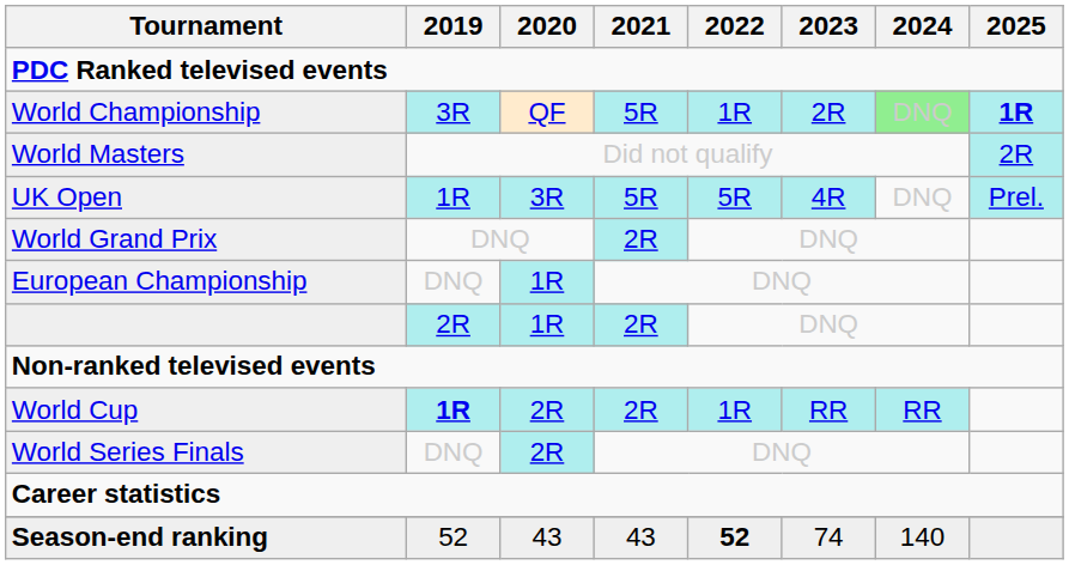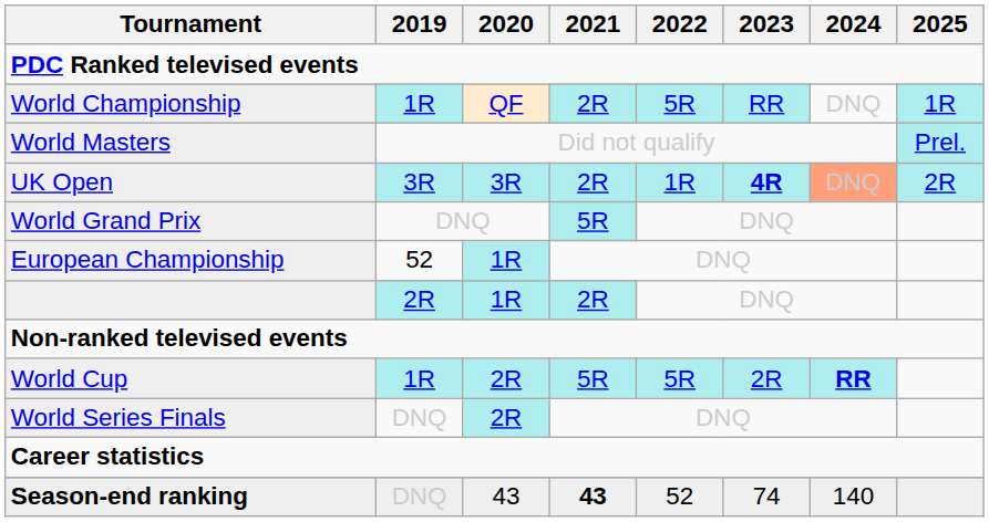 <table class="wikitable" style="width:50%; margin:0">
 <tr>
 <th>Tournament</th>
 <th>2019</th>
 <th>2020</th>
 <th>2021</th>
 <th>2022</th>
 <th>2023</th>
 <th>2024</th>
 <th>2025</th>
 </tr>
 <tr>
 <td colspan="31" align="left"><strong><a href='#'>PDC</a> Ranked televised events</strong></td>
 </tr>
 <tr>
 <td style="background:#efefef;"><a href='#'>World Championship</a></td>
-<td style="text-align:center; background:#afeeee;"><a href='#'>3R</a></td>
+<td style="text-align:center; background:#afeeee;"><a href='#'>1R</a></td>
 <td style="text-align:center; background:#ffebcd;"><a href='#'>QF</a></td>
+<td style="text-align:center; background:#afeeee;"><a href='#'>2R</a></td>
 <td style="text-align:center; background:#afeeee;"><a href='#'>5R</a></td>
+<td style="text-align:center; background:#afeeee;"><a href='#'>RR</a></td>
+<td style="text-align:center; color:#ccc;">DNQ</td>
 <td style="text-align:center; background:#afeeee;"><a href='#'>1R</a></td>
-<td style="text-align:center; background:#afeeee;"><a href='#'>2R</a></td>
-<td style="background: lightgreen; text-align:center; color:#ccc;">DNQ</td>
-<td style="text-align:center; background:#afeeee;"><strong><a href='#'>1R</a></strong></td>
 </tr>
 <tr>
 <td style="background:#efefef;"><a href='#'>World Masters</a></td>
 <td colspan="6" style="text-align:center; color:#ccc;">Did not qualify</td>
-<td style="text-align:center; background:#afeeee;"><a href='#'>2R</a></td>
+<td style="text-align:center; background:#afeeee;"><a href='#'>Prel.</a></td>
 </tr>
 <tr>
 <td style="background:#efefef;"><a href='#'>UK Open</a></td>
+<td style="text-align:center; background:#afeeee;"><a href='#'>3R</a></td>
+<td style="text-align:center; background:#afeeee;"><a href='#'>3R</a></td>
+<td style="text-align:center; background:#afeeee;"><a href='#'>2R</a></td>
 <td style="text-align:center; background:#afeeee;"><a href='#'>1R</a></td>
-<td style="text-align:center; background:#afeeee;"><a href='#'>3R</a></td>
-<td style="text-align:center; background:#afeeee;"><a href='#'>5R</a></td>
-<td style="text-align:center; background:#afeeee;"><a href='#'>5R</a></td>
-<td style="text-align:center; background:#afeeee;"><a href='#'>4R</a></td>
-<td style="text-align:center; color:#ccc;">DNQ</td>
-<td style="text-align:center; background:#afeeee;"><a href='#'>Prel.</a></td>
+<td style="text-align:center; background:#afeeee;"><strong><a href='#'>4R</a></strong></td>
+<td style="background: lightsalmon; text-align:center; color:#ccc;">DNQ</td>
+<td style="text-align:center; background:#afeeee;"><a href='#'>2R</a></td>
 </tr>
 <tr>
 <td style="background:#efefef;"><a href='#'>World Grand Prix</a></td>
 <td colspan="2" style="text-align:center; color:#ccc;">DNQ</td>
-<td style="text-align:center; background:#afeeee;"><a href='#'>2R</a></td>
+<td style="text-align:center; background:#afeeee;"><a href='#'>5R</a></td>
 <td colspan="3" style="text-align:center; color:#ccc;">DNQ</td>
 <td></td>
 </tr>
 <tr>
 <td style="background:#efefef;"><a href='#'>European Championship</a></td>
-<td style="text-align:center; color:#ccc;">DNQ</td>
+<td style="text-align:center;">52</td>
 <td style="text-align:center; background:#afeeee;"><a href='#'>1R</a></td>
 <td colspan="4" style="text-align:center; color:#ccc;">DNQ</td>
 <td></td>
 </tr>
 <tr>
 <td style="background:#efefef;"></td>
 <td style="text-align:center; background:#afeeee;"><a href='#'>2R</a></td>
 <td style="text-align:center; background:#afeeee;"><a href='#'>1R</a></td>
 <td style="text-align:center; background:#afeeee;"><a href='#'>2R</a></td>
 <td colspan="3" style="text-align:center; color:#ccc;">DNQ</td>
 <td></td>
 </tr>
 <tr>
 <td colspan="21" align="left"><strong>Non-ranked televised events</strong></td>
 </tr>
 <tr>
 <td style="background:#efefef;"><a href='#'>World Cup</a></td>
-<td style="text-align:center; background:#afeeee;"><strong><a href='#'>1R</a></strong></td>
+<td style="text-align:center; background:#afeeee;"><a href='#'>1R</a></td>
 <td style="text-align:center; background:#afeeee;"><a href='#'>2R</a></td>
+<td style="text-align:center; background:#afeeee;"><a href='#'>5R</a></td>
+<td style="text-align:center; background:#afeeee;"><a href='#'>5R</a></td>
 <td style="text-align:center; background:#afeeee;"><a href='#'>2R</a></td>
-<td style="text-align:center; background:#afeeee;"><a href='#'>1R</a></td>
-<td style="text-align:center; background:#afeeee;"><a href='#'>RR</a></td>
-<td style="text-align:center; background:#afeeee;"><a href='#'>RR</a></td>
+<td style="text-align:center; background:#afeeee;"><strong><a href='#'>RR</a></strong></td>
 <td></td>
 </tr>
 <tr>
 <td style="background:#efefef;"><a href='#'>World Series Finals</a></td>
 <td style="text-align:center; color:#ccc;">DNQ</td>
 <td style="text-align:center; background:#afeeee;"><a href='#'>2R</a></td>
 <td colspan="4" style="text-align:center; color:#ccc;">DNQ</td>
 <td></td>
 </tr>
 <tr>
 <td colspan="14" align="left"><strong>Career statistics</strong></td>
 </tr>
 <tr>
 </tr>
 <tr bgcolor="efefef">
 <td align="left"><strong>Season-end ranking</strong></td>
+<td style="text-align:center; color:#ccc;">DNQ</td>
+<td style="text-align:center;">43</td>
+<td style="text-align:center;"><strong>43</strong></td>
 <td style="text-align:center;">52</td>
-<td style="text-align:center;">43</td>
-<td style="text-align:center;">43</td>
-<td style="text-align:center;"><strong>52</strong></td>
 <td style="text-align:center;">74</td>
 <td style="text-align:center;">140</td>
 <td></td>
 </tr>
 </table>
